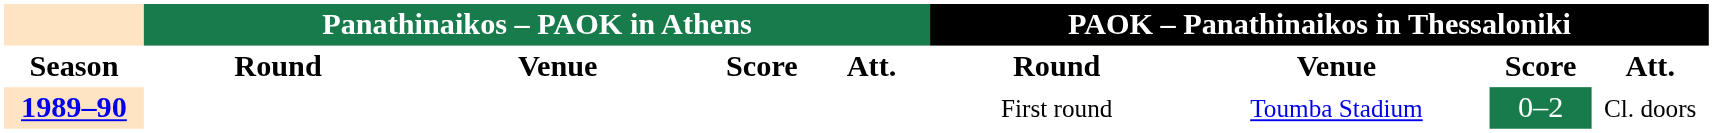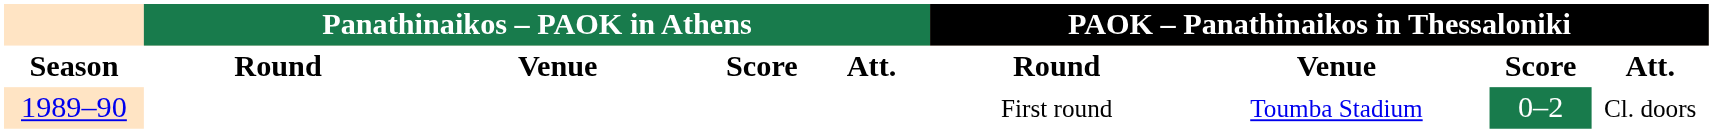 <table class="toccolours" border="0" cellpadding="2" cellspacing="0" style="text-align: center;">
 <tr bgcolor=#ffe4c4>
 <th></th>
 <th colspan=9 style="color:white; background:#187B4C">Panathinaikos – PAOK in Athens</th>
 <th colspan=9 style="color:white; background:#000000">PAOK – Panathinaikos in Thessaloniki</th>
 </tr>
 <tr>
 <td width="70"><strong>Season</strong></td>
 <td></td>
 <td width="130"><strong>Round</strong></td>
 <td></td>
 <td width="150"><strong>Venue</strong></td>
 <td></td>
 <td width="50"><strong>Score</strong></td>
 <td></td>
 <td width="50"><strong>Att.</strong></td>
 <td></td>
 <td width="130"><strong>Round</strong></td>
 <td></td>
 <td width="150"><strong>Venue</strong></td>
 <td></td>
 <td width="50"><strong>Score</strong></td>
 <td></td>
 <td width="50"><strong>Att.</strong></td>
 </tr>
 <tr>
-<td bgcolor=#ffe4c4 rowspan="1"><strong><a href='#'>1989–90</a></strong></td>
+<td bgcolor=#ffe4c4 rowspan="1"><a href='#'>1989–90</a></td>
 <td></td>
 <td></td>
 <td></td>
 <td></td>
 <td></td>
 <td></td>
 <td></td>
 <td></td>
 <td></td>
 <td><small> First round</small></td>
 <td></td>
 <td><small> <a href='#'>Toumba Stadium</a></small></td>
 <td></td>
 <td style="color:white; background:#187B4C">0–2</td>
 <td></td>
 <td><small> Cl. doors</small></td>
 <td></td>
 </tr>
 </table>
